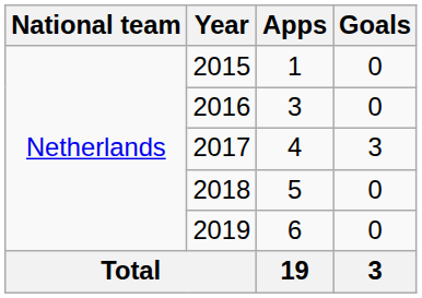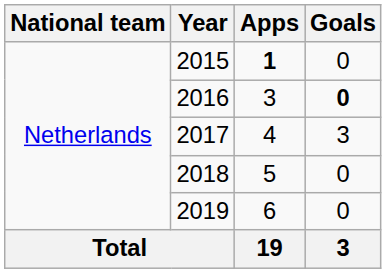 <table class=wikitable style=text-align:center>
 <tr>
 <th>National team</th>
 <th>Year</th>
 <th>Apps</th>
 <th>Goals</th>
 </tr>
 <tr>
 <td rowspan="5"><a href='#'>Netherlands</a></td>
 <td>2015</td>
-<td>1</td>
+<td><strong>1</strong></td>
 <td>0</td>
 </tr>
 <tr>
 <td>2016</td>
 <td>3</td>
-<td>0</td>
+<td><strong>0</strong></td>
 </tr>
 <tr>
 <td>2017</td>
 <td>4</td>
 <td>3</td>
 </tr>
 <tr>
 <td>2018</td>
 <td>5</td>
 <td>0</td>
 </tr>
 <tr>
 <td>2019</td>
 <td>6</td>
 <td>0</td>
 </tr>
 <tr>
 <th colspan="2">Total</th>
 <th>19</th>
 <th>3</th>
 </tr>
 </table>
